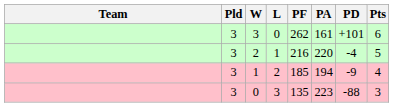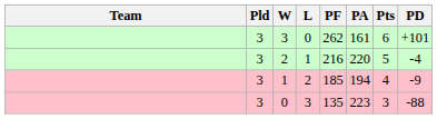 <table class="wikitable" style="text-align:center;">
 <tr>
 <th width=275>Team</th>
 <th width=20  abbr="Played">Pld</th>
 <th width=20  abbr="Won">W</th>
 <th width=20  abbr="Lost">L</th>
 <th width=20  abbr="Points">PF</th>
 <th width=20  abbr="Points Against">PA</th>
+<th width=20  abbr="Points">Pts</th>
 <th width=25  abbr="Points Difference">PD</th>
-<th width=20  abbr="Points">Pts</th>
 </tr>
 <tr bgcolor="ccffcc">
 <td style="text-align:left"></td>
 <td>3</td>
 <td>3</td>
 <td>0</td>
 <td>262</td>
 <td>161</td>
+<td>6</td>
 <td>+101</td>
-<td>6</td>
 </tr>
 <tr bgcolor="ccffcc">
 <td style="text-align:left"></td>
 <td>3</td>
 <td>2</td>
 <td>1</td>
 <td>216</td>
 <td>220</td>
+<td>5</td>
 <td>-4</td>
-<td>5</td>
 </tr>
 <tr bgcolor="pink">
 <td style="text-align:left"></td>
 <td>3</td>
 <td>1</td>
 <td>2</td>
 <td>185</td>
 <td>194</td>
+<td>4</td>
 <td>-9</td>
-<td>4</td>
 </tr>
 <tr bgcolor="pink">
 <td style="text-align:left"></td>
 <td>3</td>
 <td>0</td>
 <td>3</td>
 <td>135</td>
 <td>223</td>
+<td>3</td>
 <td>-88</td>
-<td>3</td>
 </tr>
 </table>
